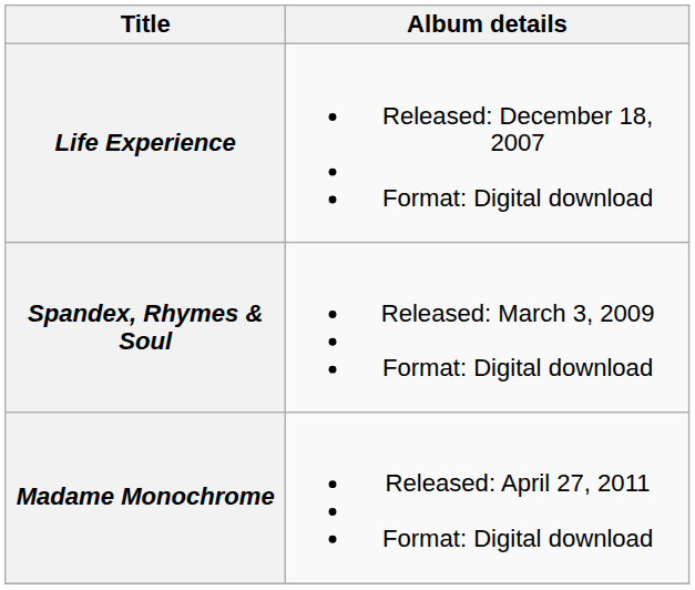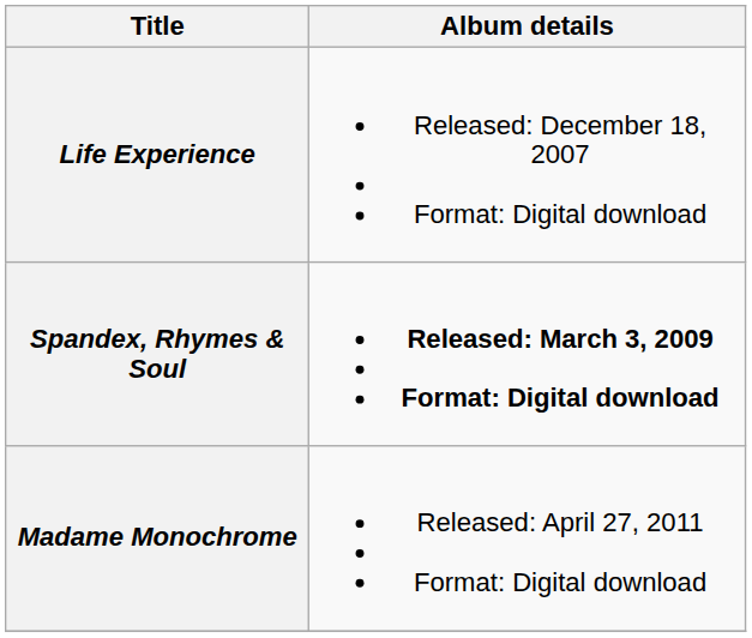 <table class="wikitable plainrowheaders" style="text-align:center;">
 <tr>
 <th scope="col" style="width:11em;">Title</th>
 <th scope="col" style="width:16em;">Album details</th>
 </tr>
 <tr>
 <th scope="row"><em>Life Experience</em></th>
 <td><br><ul><li>Released: December 18, 2007</li><li></li><li>Format: Digital download</li></ul></td>
 </tr>
 <tr>
 <th scope="row"><em>Spandex, Rhymes & Soul</em></th>
-<td><br><ul><li>Released: March 3, 2009</li><li></li><li>Format: Digital download</li></ul></td>
+<td><strong><br><ul><li>Released: March 3, 2009</li><li></li><li>Format: Digital download</li></ul></strong></td>
 </tr>
 <tr>
 <th scope="row"><em>Madame Monochrome</em></th>
 <td><br><ul><li>Released: April 27, 2011</li><li></li><li>Format: Digital download</li></ul></td>
 </tr>
 <tr>
 </tr>
 </table>
